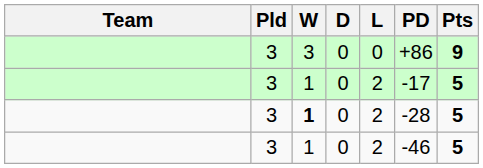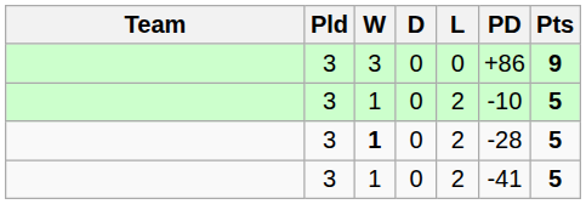 <table class="wikitable" style="text-align:center;">
 <tr>
 <th width="190">Team</th>
 <th width="20" abbr="Played">Pld</th>
 <th width="20" abbr="Won">W</th>
 <th width="20" abbr="Drawn">D</th>
 <th width="20" abbr="Lost">L</th>
 <th width="25" abbr="Points difference">PD</th>
 <th width="20" abbr="Points">Pts</th>
 </tr>
 <tr style="background:#ccffcc">
 <td align="left"></td>
 <td>3</td>
 <td>3</td>
 <td>0</td>
 <td>0</td>
 <td>+86</td>
 <td><strong>9</strong></td>
 </tr>
 <tr style="background:#ccffcc">
 <td align="left"></td>
 <td>3</td>
 <td>1</td>
 <td>0</td>
 <td>2</td>
-<td>-17</td>
+<td>-10</td>
 <td><strong>5</strong></td>
 </tr>
 <tr>
 <td align="left"></td>
 <td>3</td>
 <td><strong>1</strong></td>
 <td>0</td>
 <td>2</td>
 <td>-28</td>
 <td><strong>5</strong></td>
 </tr>
 <tr>
 <td align="left"></td>
 <td>3</td>
 <td>1</td>
 <td>0</td>
 <td>2</td>
-<td>-46</td>
+<td>-41</td>
 <td><strong>5</strong></td>
 </tr>
 </table>
